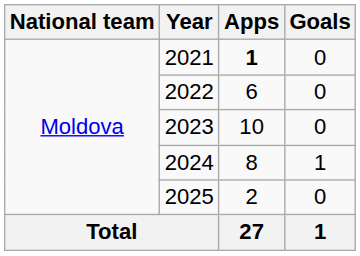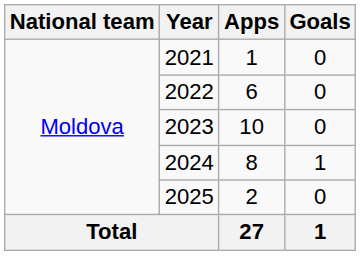 <table class="wikitable" style="text-align:center">
 <tr>
 <th>National team</th>
 <th>Year</th>
 <th>Apps</th>
 <th>Goals</th>
 </tr>
 <tr>
 <td rowspan="5"><a href='#'>Moldova</a></td>
 <td>2021</td>
-<td><strong>1</strong></td>
+<td>1</td>
 <td>0</td>
 </tr>
 <tr>
 <td>2022</td>
 <td>6</td>
 <td>0</td>
 </tr>
 <tr>
 <td>2023</td>
 <td>10</td>
 <td>0</td>
 </tr>
 <tr>
 <td>2024</td>
 <td>8</td>
 <td>1</td>
 </tr>
 <tr>
 <td>2025</td>
 <td>2</td>
 <td>0</td>
 </tr>
 <tr>
 <th colspan=2>Total</th>
 <th>27</th>
 <th>1</th>
 </tr>
 </table>
